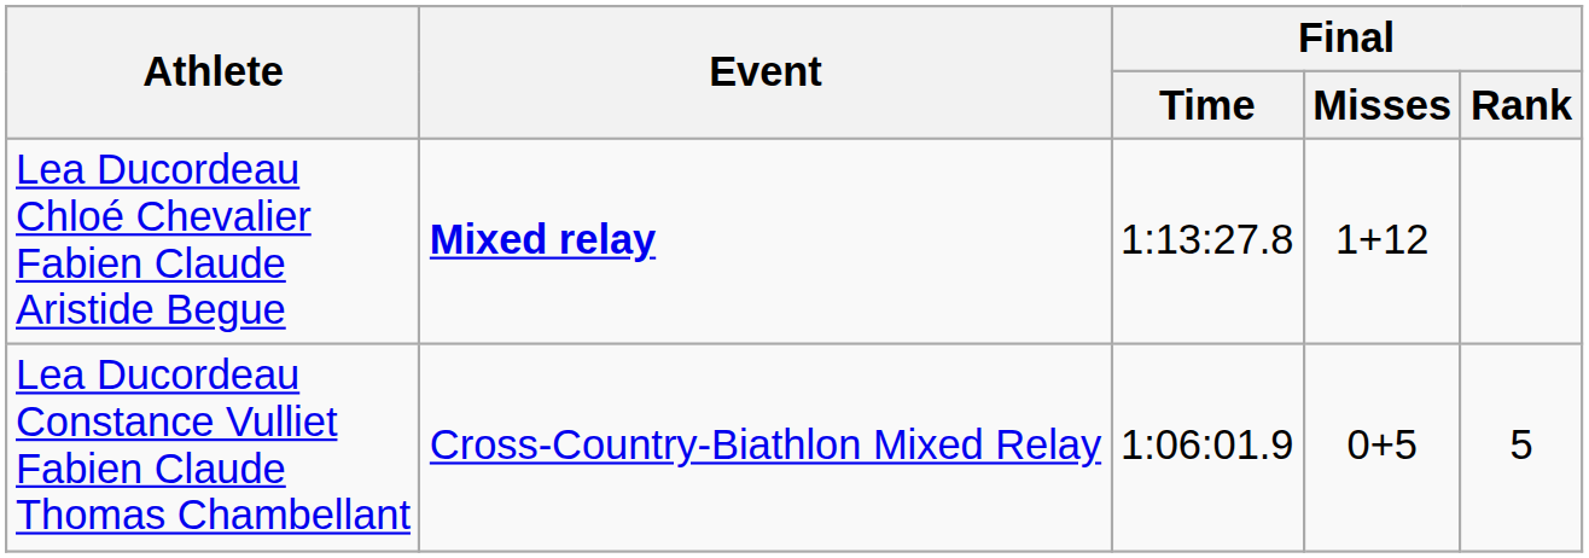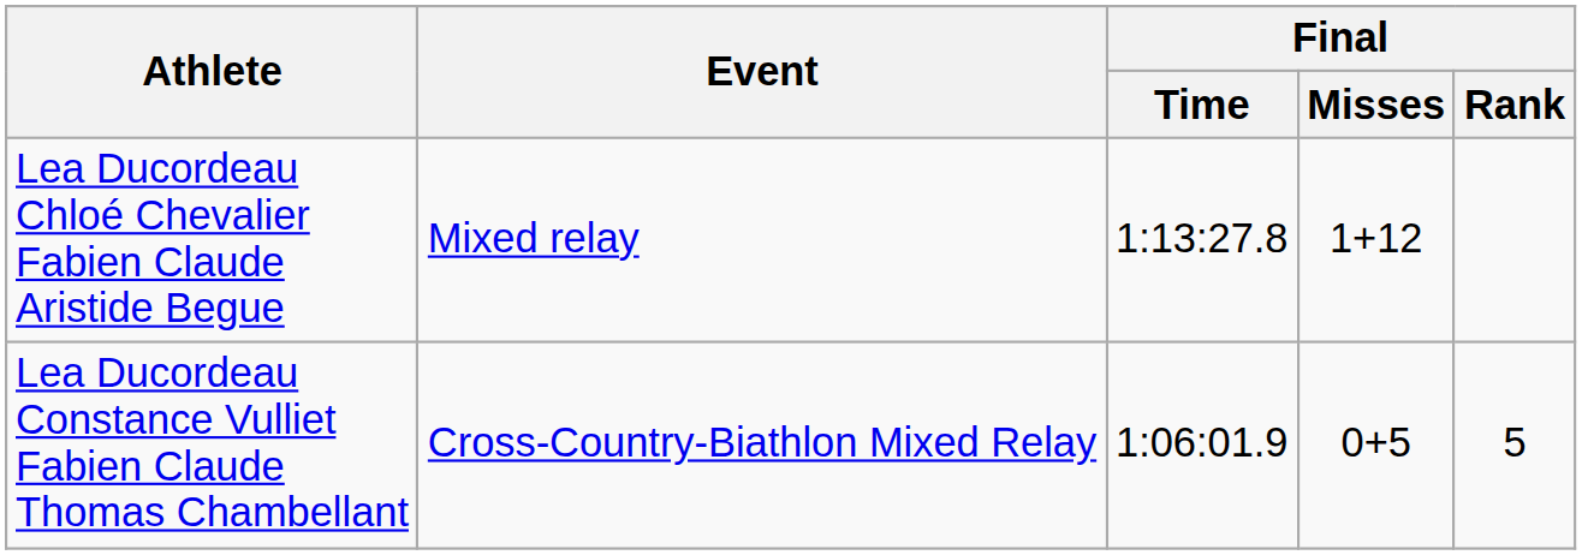 <table class="wikitable">
 <tr>
 <th rowspan="2">Athlete</th>
 <th rowspan="2">Event</th>
 <th colspan="3">Final</th>
 </tr>
 <tr>
 <th>Time</th>
 <th>Misses</th>
 <th>Rank</th>
 </tr>
 <tr>
 <td><a href='#'>Lea Ducordeau</a><br><a href='#'>Chloé Chevalier</a><br><a href='#'>Fabien Claude</a><br><a href='#'>Aristide Begue</a></td>
-<td><strong><a href='#'>Mixed relay</a></strong></td>
+<td><a href='#'>Mixed relay</a></td>
 <td align="center">1:13:27.8</td>
 <td align="center">1+12</td>
 <td align="center"></td>
 </tr>
 <tr>
 <td><a href='#'>Lea Ducordeau</a><br><a href='#'>Constance Vulliet</a><br><a href='#'>Fabien Claude</a><br><a href='#'>Thomas Chambellant</a></td>
 <td><a href='#'>Cross-Country-Biathlon Mixed Relay</a></td>
 <td align="center">1:06:01.9</td>
 <td align="center">0+5</td>
 <td align="center">5</td>
 </tr>
 </table>
